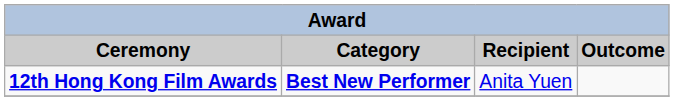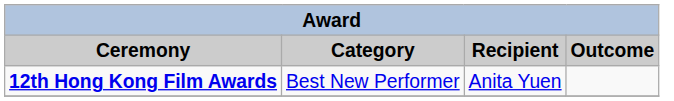 <table class="wikitable" style="font-size:95%;" ;>
 <tr style="background:#ccc; text-align:center;">
 <th colspan="4" style="background: LightSteelBlue;">Award</th>
 </tr>
 <tr style="background:#ccc; text-align:center;">
 <th style="background:#ccc">Ceremony</th>
 <th style="background:#ccc">Category</th>
 <th style="background:#ccc">Recipient</th>
 <th style="background:#ccc">Outcome</th>
 </tr>
 <tr>
 <td><strong><a href='#'>12th Hong Kong Film Awards</a></strong></td>
-<td><strong><a href='#'>Best New Performer</a></strong></td>
+<td><a href='#'>Best New Performer</a></td>
 <td><a href='#'>Anita Yuen</a></td>
 <td></td>
 </tr>
 <tr>
 </tr>
 </table>
